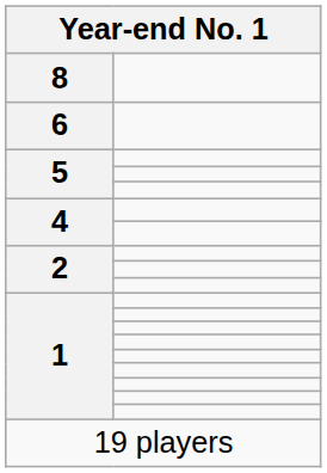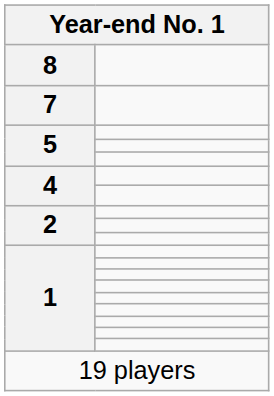 <table class="wikitable plainrowheaders nowrap" style="display: inline-table;">
 <tr>
 <th scope="col" colspan="2" style="width:160px;">Year-end No. 1</th>
 </tr>
 <tr>
 <th rowspan="1" style="width:50px;">8</th>
 <td></td>
 </tr>
 <tr>
-<th rowspan="1">6</th>
+<th rowspan="1">7</th>
 <td></td>
 </tr>
 <tr>
 <th rowspan="3">5</th>
 <td></td>
 </tr>
 <tr>
 <td></td>
 </tr>
 <tr>
 <td></td>
 </tr>
 <tr>
 <th rowspan="2">4</th>
 <td></td>
 </tr>
 <tr>
 <td></td>
 </tr>
 <tr>
 <th rowspan="3">2</th>
 <td></td>
 </tr>
 <tr>
 <td></td>
 </tr>
 <tr>
 <td></td>
 </tr>
 <tr>
 <th rowspan=9>1</th>
 <td></td>
 </tr>
 <tr>
 <td></td>
 </tr>
 <tr>
 <td></td>
 </tr>
 <tr>
 <td></td>
 </tr>
 <tr>
 <td></td>
 </tr>
 <tr>
 <td></td>
 </tr>
 <tr>
 <td></td>
 </tr>
 <tr>
 <td></td>
 </tr>
 <tr>
 <td></td>
 </tr>
 <tr>
 <td colspan="2" style="text-align:center;">19 players</td>
 </tr>
 </table>
